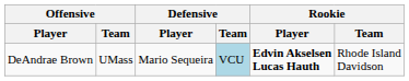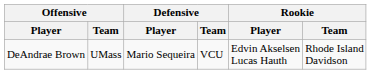 <table class="wikitable">
 <tr>
 <th colspan="2">Offensive</th>
 <th colspan="2">Defensive</th>
 <th colspan="2">Rookie</th>
 </tr>
 <tr>
 <th>Player</th>
 <th>Team</th>
 <th>Player</th>
 <th>Team</th>
 <th>Player</th>
 <th>Team</th>
 </tr>
 <tr>
 <td>DeAndrae Brown</td>
 <td>UMass</td>
 <td>Mario Sequeira</td>
-<td style="background: lightblue;">VCU</td>
-<td><strong>Edvin Akselsen<br>Lucas Hauth</strong></td>
+<td>VCU</td>
+<td>Edvin Akselsen<br>Lucas Hauth</td>
 <td>Rhode Island<br>Davidson</td>
 </tr>
 </table>
